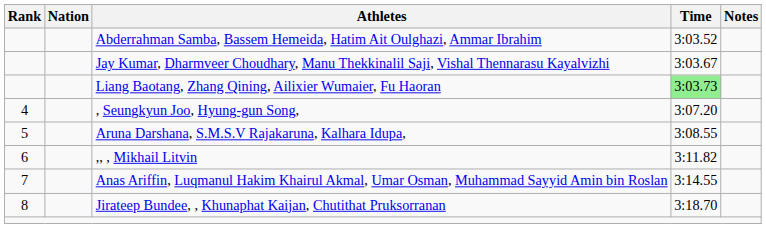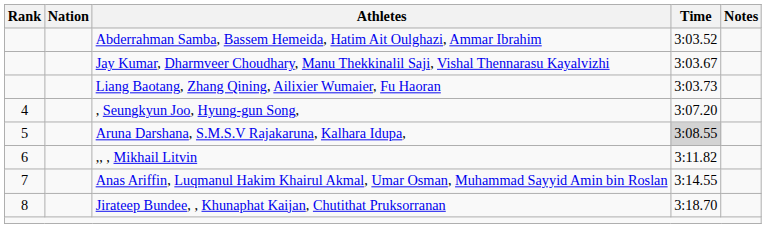 <table class="wikitable sortable" style="text-align:center;font-size:95%">
 <tr>
 <th scope="col" style="width: 10px;">Rank</th>
 <th scope="col">Nation</th>
 <th scope="col">Athletes</th>
 <th scope="col">Time</th>
 <th scope="col">Notes</th>
 </tr>
 <tr>
 <td></td>
 <td align="left"></td>
 <td align="left"><a href='#'>Abderrahman Samba</a>, <a href='#'>Bassem Hemeida</a>, <a href='#'>Hatim Ait Oulghazi</a>, <a href='#'>Ammar Ibrahim</a></td>
 <td>3:03.52</td>
 <td></td>
 </tr>
 <tr>
 <td></td>
 <td align="left"></td>
 <td align="left"><a href='#'>Jay Kumar</a>, <a href='#'>Dharmveer Choudhary</a>, <a href='#'>Manu Thekkinalil Saji</a>, <a href='#'>Vishal Thennarasu Kayalvizhi</a></td>
 <td>3:03.67</td>
 <td></td>
 </tr>
 <tr>
 <td></td>
 <td align="left"></td>
 <td align="left"><a href='#'>Liang Baotang</a>, <a href='#'>Zhang Qining</a>, <a href='#'>Ailixier Wumaier</a>, <a href='#'>Fu Haoran</a></td>
-<td style="background: lightgreen;">3:03.73</td>
+<td>3:03.73</td>
 <td></td>
 </tr>
 <tr>
 <td>4</td>
 <td align="left"></td>
 <td align="left">, <a href='#'>Seungkyun Joo</a>, <a href='#'>Hyung-gun Song</a>, </td>
 <td>3:07.20</td>
 <td></td>
 </tr>
 <tr>
 <td>5</td>
 <td align="left"></td>
 <td align="left"><a href='#'>Aruna Darshana</a>, <a href='#'>S.M.S.V Rajakaruna</a>, <a href='#'>Kalhara Idupa</a>, </td>
-<td>3:08.55</td>
+<td style="background: lightgrey;">3:08.55</td>
 <td></td>
 </tr>
 <tr>
 <td>6</td>
 <td align="left"></td>
 <td align="left">,, , <a href='#'>Mikhail Litvin</a></td>
 <td>3:11.82</td>
 <td></td>
 </tr>
 <tr>
 <td>7</td>
 <td align="left"></td>
 <td align="left"><a href='#'>Anas Ariffin</a>, <a href='#'>Luqmanul Hakim Khairul Akmal</a>, <a href='#'>Umar Osman</a>, <a href='#'>Muhammad Sayyid Amin bin Roslan</a></td>
 <td>3:14.55</td>
 <td></td>
 </tr>
 <tr>
 <td>8</td>
 <td align="left"></td>
 <td align="left"><a href='#'>Jirateep Bundee</a>, , <a href='#'>Khunaphat Kaijan</a>, <a href='#'>Chutithat Pruksorranan</a></td>
 <td>3:18.70</td>
 <td></td>
 </tr>
 <tr class="sortbottom">
 <td colspan="5"></td>
 </tr>
 </table>
